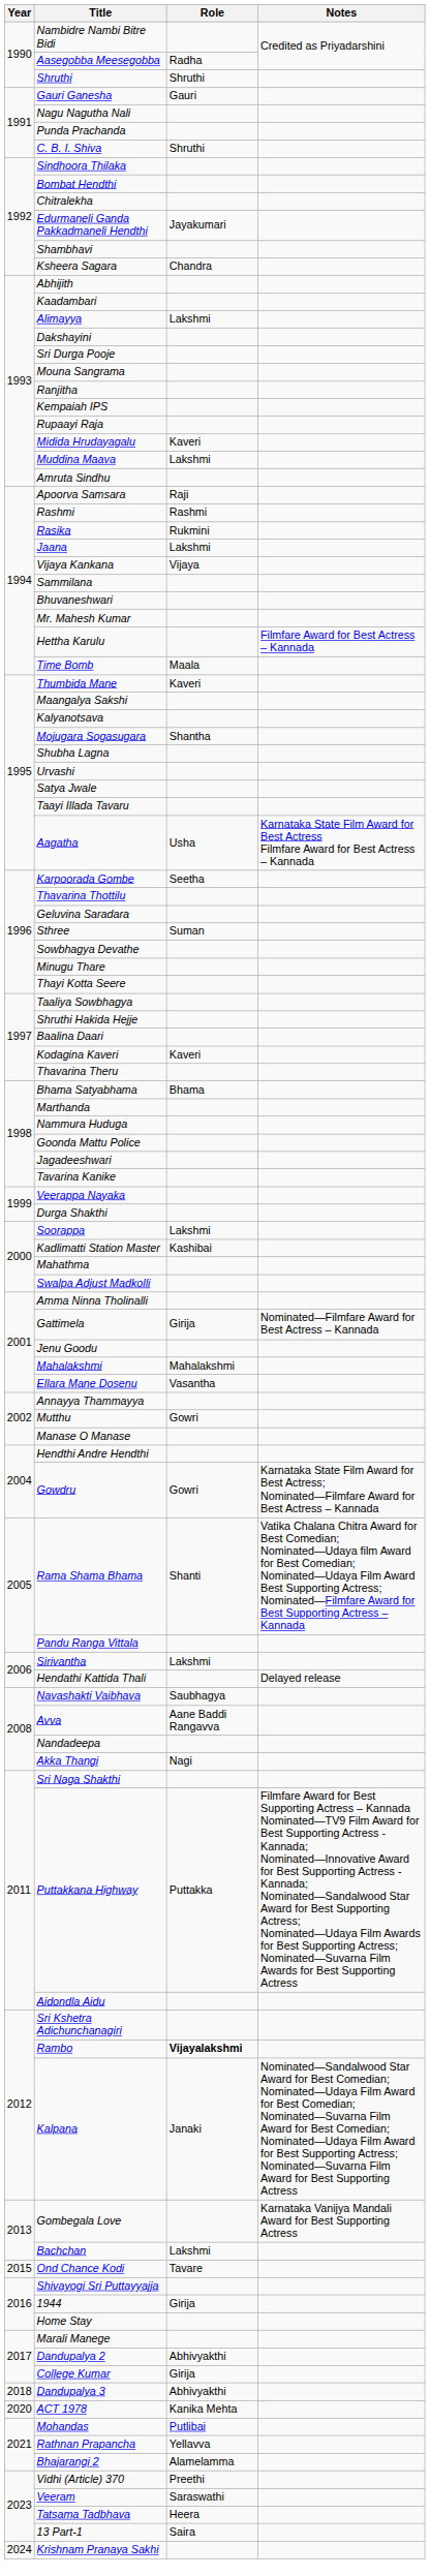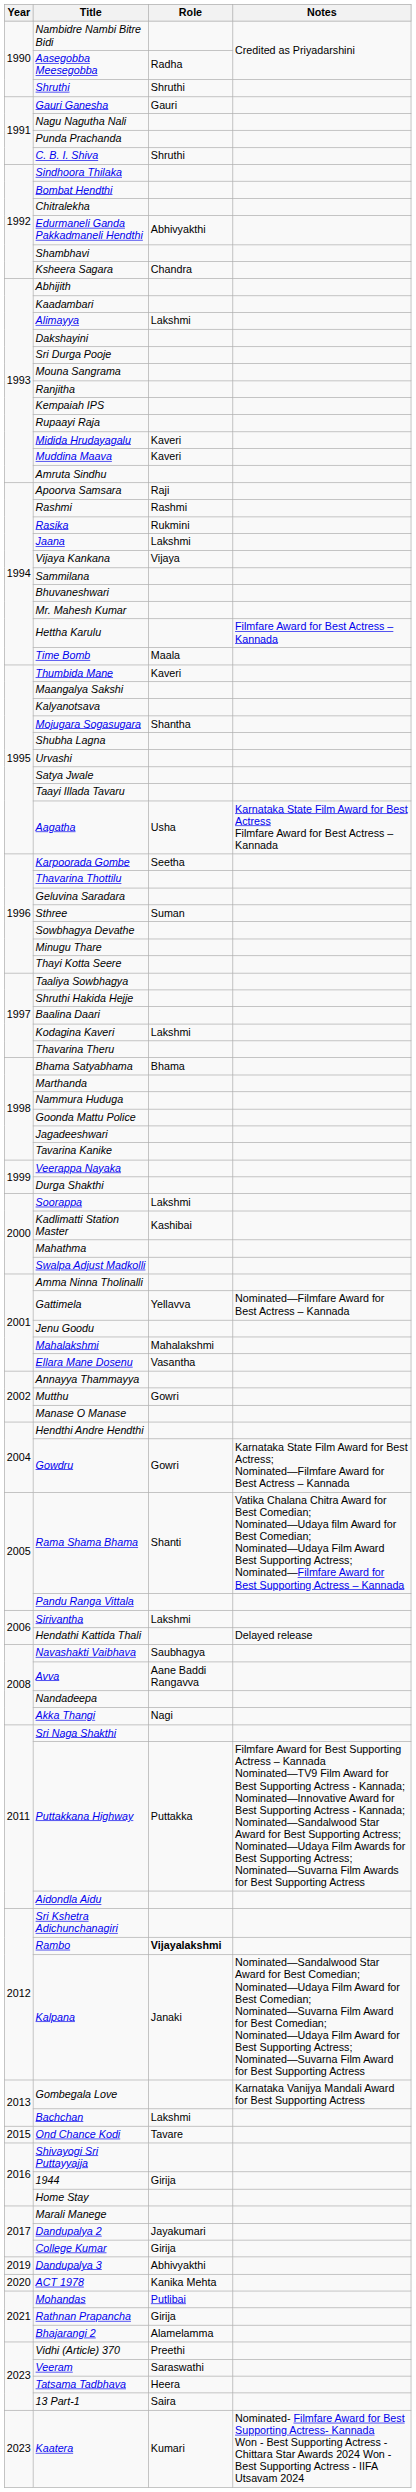 <table class="wikitable sortable">
 <tr style="background:#ccc; text-align:center;">
 <th>Year</th>
 <th>Title</th>
 <th>Role</th>
 <th>Notes</th>
 </tr>
 <tr>
 <td rowspan="3">1990</td>
 <td><em>Nambidre Nambi Bitre Bidi</em></td>
 <td></td>
 <td rowspan="2">Credited as Priyadarshini</td>
 </tr>
 <tr>
 <td><em><a href='#'>Aasegobba Meesegobba</a></em></td>
 <td>Radha</td>
 </tr>
 <tr>
 <td><em><a href='#'>Shruthi</a></em></td>
 <td>Shruthi</td>
 <td></td>
 </tr>
 <tr>
 <td rowspan="4">1991</td>
 <td><em><a href='#'>Gauri Ganesha</a></em></td>
 <td>Gauri</td>
 <td></td>
 </tr>
 <tr>
 <td><em>Nagu Nagutha Nali</em></td>
 <td></td>
 <td></td>
 </tr>
 <tr>
 <td><em>Punda Prachanda</em></td>
 <td></td>
 <td></td>
 </tr>
 <tr>
 <td><em><a href='#'>C. B. I. Shiva</a></em></td>
 <td>Shruthi</td>
 <td></td>
 </tr>
 <tr>
 <td rowspan="6">1992</td>
 <td><em><a href='#'>Sindhoora Thilaka</a></em></td>
 <td></td>
 <td></td>
 </tr>
 <tr>
 <td><em><a href='#'>Bombat Hendthi</a></em></td>
 <td></td>
 <td></td>
 </tr>
 <tr>
 <td><em>Chitralekha</em></td>
 <td></td>
 <td></td>
 </tr>
 <tr>
 <td><em><a href='#'>Edurmaneli Ganda Pakkadmaneli Hendthi</a></em></td>
-<td>Jayakumari</td>
+<td>Abhivyakthi</td>
 <td></td>
 </tr>
 <tr>
 <td><em>Shambhavi</em></td>
 <td></td>
 <td></td>
 </tr>
 <tr>
 <td><em>Ksheera Sagara</em></td>
 <td>Chandra</td>
 <td></td>
 </tr>
 <tr>
 <td rowspan="12">1993</td>
 <td><em>Abhijith</em></td>
 <td></td>
 <td></td>
 </tr>
 <tr>
 <td><em>Kaadambari</em></td>
 <td></td>
 <td></td>
 </tr>
 <tr>
 <td><em><a href='#'>Alimayya</a></em></td>
 <td>Lakshmi</td>
 <td></td>
 </tr>
 <tr>
 <td><em>Dakshayini</em></td>
 <td></td>
 <td></td>
 </tr>
 <tr>
 <td><em>Sri Durga Pooje</em></td>
 <td></td>
 <td></td>
 </tr>
 <tr>
 <td><em>Mouna Sangrama</em></td>
 <td></td>
 <td></td>
 </tr>
 <tr>
 <td><em>Ranjitha</em></td>
 <td></td>
 <td></td>
 </tr>
 <tr>
 <td><em>Kempaiah IPS</em></td>
 <td></td>
 <td></td>
 </tr>
 <tr>
 <td><em>Rupaayi Raja</em></td>
 <td></td>
 <td></td>
 </tr>
 <tr>
 <td><em><a href='#'>Midida Hrudayagalu</a></em></td>
 <td>Kaveri</td>
 <td></td>
 </tr>
 <tr>
 <td><em><a href='#'>Muddina Maava</a></em></td>
-<td>Lakshmi</td>
+<td>Kaveri</td>
 <td></td>
 </tr>
 <tr>
 <td><em>Amruta Sindhu</em></td>
 <td></td>
 <td></td>
 </tr>
 <tr>
 <td rowspan="10">1994</td>
 <td><em>Apoorva Samsara</em></td>
 <td>Raji</td>
 <td></td>
 </tr>
 <tr>
 <td><em>Rashmi</em></td>
 <td>Rashmi</td>
 <td></td>
 </tr>
 <tr>
 <td><em><a href='#'>Rasika</a></em></td>
 <td>Rukmini</td>
 <td></td>
 </tr>
 <tr>
 <td><em><a href='#'>Jaana</a></em></td>
 <td>Lakshmi</td>
 <td></td>
 </tr>
 <tr>
 <td><em>Vijaya Kankana</em></td>
 <td>Vijaya</td>
 <td></td>
 </tr>
 <tr>
 <td><em>Sammilana</em></td>
 <td></td>
 <td></td>
 </tr>
 <tr>
 <td><em>Bhuvaneshwari</em></td>
 <td></td>
 <td></td>
 </tr>
 <tr>
 <td><em>Mr. Mahesh Kumar</em></td>
 <td></td>
 <td></td>
 </tr>
 <tr>
 <td><em>Hettha Karulu</em></td>
 <td></td>
 <td><a href='#'>Filmfare Award for Best Actress – Kannada</a></td>
 </tr>
 <tr>
 <td><em><a href='#'>Time Bomb</a></em></td>
 <td>Maala</td>
 <td></td>
 </tr>
 <tr>
 <td rowspan="9">1995</td>
 <td><em><a href='#'>Thumbida Mane</a></em></td>
 <td>Kaveri</td>
 <td></td>
 </tr>
 <tr>
 <td><em>Maangalya Sakshi</em></td>
 <td></td>
 <td></td>
 </tr>
 <tr>
 <td><em>Kalyanotsava</em></td>
 <td></td>
 <td></td>
 </tr>
 <tr>
 <td><em><a href='#'>Mojugara Sogasugara</a></em></td>
 <td>Shantha</td>
 <td></td>
 </tr>
 <tr>
 <td><em>Shubha Lagna</em></td>
 <td></td>
 <td></td>
 </tr>
 <tr>
 <td><em>Urvashi</em></td>
 <td></td>
 <td></td>
 </tr>
 <tr>
 <td><em>Satya Jwale</em></td>
 <td></td>
 <td></td>
 </tr>
 <tr>
 <td><em>Taayi Illada Tavaru</em></td>
 <td></td>
 <td></td>
 </tr>
 <tr>
 <td><em><a href='#'>Aagatha</a></em></td>
 <td>Usha</td>
 <td><a href='#'>Karnataka State Film Award for Best Actress</a><br>Filmfare Award for Best Actress – Kannada</td>
 </tr>
 <tr>
 <td rowspan="7">1996</td>
 <td><em><a href='#'>Karpoorada Gombe</a></em></td>
 <td>Seetha</td>
 <td></td>
 </tr>
 <tr>
 <td><em><a href='#'>Thavarina Thottilu</a></em></td>
 <td></td>
 <td></td>
 </tr>
 <tr>
 <td><em>Geluvina Saradara</em></td>
 <td></td>
 <td></td>
 </tr>
 <tr>
 <td><em>Sthree</em></td>
 <td>Suman</td>
 <td></td>
 </tr>
 <tr>
 <td><em>Sowbhagya Devathe</em></td>
 <td></td>
 <td></td>
 </tr>
 <tr>
 <td><em>Minugu Thare</em></td>
 <td></td>
 <td></td>
 </tr>
 <tr>
 <td><em>Thayi Kotta Seere</em></td>
 <td></td>
 <td></td>
 </tr>
 <tr>
 <td rowspan="5">1997</td>
 <td><em>Taaliya Sowbhagya</em></td>
 <td></td>
 <td></td>
 </tr>
 <tr>
 <td><em>Shruthi Hakida Hejje</em></td>
 <td></td>
 <td></td>
 </tr>
 <tr>
 <td><em>Baalina Daari</em></td>
 <td></td>
 <td></td>
 </tr>
 <tr>
 <td><em>Kodagina Kaveri</em></td>
-<td>Kaveri</td>
+<td>Lakshmi</td>
 <td></td>
 </tr>
 <tr>
 <td><em>Thavarina Theru</em></td>
 <td></td>
 <td></td>
 </tr>
 <tr>
 <td rowspan="6">1998</td>
 <td><em>Bhama Satyabhama</em></td>
 <td>Bhama</td>
 <td></td>
 </tr>
 <tr>
 <td><em>Marthanda</em></td>
 <td></td>
 <td></td>
 </tr>
 <tr>
 <td><em>Nammura Huduga</em></td>
 <td></td>
 <td></td>
 </tr>
 <tr>
 <td><em>Goonda Mattu Police</em></td>
 <td></td>
 <td></td>
 </tr>
 <tr>
 <td><em>Jagadeeshwari</em></td>
 <td></td>
 <td></td>
 </tr>
 <tr>
 <td><em>Tavarina Kanike</em></td>
 <td></td>
 <td></td>
 </tr>
 <tr>
 <td rowspan="2">1999</td>
 <td><em><a href='#'>Veerappa Nayaka</a></em></td>
 <td></td>
 <td></td>
 </tr>
 <tr>
 <td><em>Durga Shakthi</em></td>
 <td></td>
 <td></td>
 </tr>
 <tr>
 <td rowspan="4">2000</td>
 <td><em><a href='#'>Soorappa</a></em></td>
 <td>Lakshmi</td>
 <td></td>
 </tr>
 <tr>
 <td><em>Kadlimatti Station Master</em></td>
 <td>Kashibai</td>
 <td></td>
 </tr>
 <tr>
 <td><em>Mahathma</em></td>
 <td></td>
 <td></td>
 </tr>
 <tr>
 <td><em><a href='#'>Swalpa Adjust Madkolli</a></em></td>
 <td></td>
 <td></td>
 </tr>
 <tr>
 <td rowspan="5">2001</td>
 <td><em>Amma Ninna Tholinalli</em></td>
 <td></td>
 <td></td>
 </tr>
 <tr>
 <td><em>Gattimela</em></td>
-<td>Girija</td>
+<td>Yellavva</td>
 <td>Nominated—Filmfare Award for Best Actress – Kannada</td>
 </tr>
 <tr>
 <td><em>Jenu Goodu</em></td>
 <td></td>
 <td></td>
 </tr>
 <tr>
 <td><em><a href='#'>Mahalakshmi</a></em></td>
 <td>Mahalakshmi</td>
 <td></td>
 </tr>
 <tr>
 <td><em><a href='#'>Ellara Mane Dosenu</a></em></td>
 <td>Vasantha</td>
 <td></td>
 </tr>
 <tr>
 <td rowspan="3">2002</td>
 <td><em>Annayya Thammayya</em></td>
 <td></td>
 <td></td>
 </tr>
 <tr>
 <td><em>Mutthu</em></td>
 <td>Gowri</td>
 <td></td>
 </tr>
 <tr>
 <td><em>Manase O Manase</em></td>
 <td></td>
 <td></td>
 </tr>
 <tr>
 <td rowspan="2">2004</td>
 <td><em>Hendthi Andre Hendthi</em></td>
 <td></td>
 <td></td>
 </tr>
 <tr>
 <td><em><a href='#'>Gowdru</a></em></td>
 <td>Gowri</td>
 <td>Karnataka State Film Award for Best Actress;<br>Nominated—Filmfare Award for Best Actress – Kannada</td>
 </tr>
 <tr>
 <td rowspan="2">2005</td>
 <td><em><a href='#'>Rama Shama Bhama</a></em></td>
 <td>Shanti</td>
 <td>Vatika Chalana Chitra Award for Best Comedian;<br>Nominated—Udaya film Award for Best Comedian;<br>Nominated—Udaya Film Award Best Supporting Actress;<br>Nominated—<a href='#'>Filmfare Award for Best Supporting Actress – Kannada</a></td>
 </tr>
 <tr>
 <td><em><a href='#'>Pandu Ranga Vittala</a></em></td>
 <td></td>
 <td></td>
 </tr>
 <tr>
 <td rowspan="2">2006</td>
 <td><em><a href='#'>Sirivantha</a></em></td>
 <td>Lakshmi</td>
 <td></td>
 </tr>
 <tr>
 <td><em>Hendathi Kattida Thali</em></td>
 <td></td>
 <td>Delayed release</td>
 </tr>
 <tr>
 <td rowspan="4">2008</td>
 <td><em><a href='#'>Navashakti Vaibhava</a></em></td>
 <td>Saubhagya</td>
 <td></td>
 </tr>
 <tr>
 <td><em><a href='#'>Avva</a></em></td>
 <td>Aane Baddi Rangavva</td>
 <td></td>
 </tr>
 <tr>
 <td><em>Nandadeepa</em></td>
 <td></td>
 <td></td>
 </tr>
 <tr>
 <td><em><a href='#'>Akka Thangi</a></em></td>
 <td>Nagi</td>
 <td></td>
 </tr>
 <tr>
 <td rowspan="3">2011</td>
 <td><em><a href='#'>Sri Naga Shakthi</a></em></td>
 <td></td>
 <td></td>
 </tr>
 <tr>
 <td><em><a href='#'>Puttakkana Highway</a></em></td>
 <td>Puttakka</td>
 <td>Filmfare Award for Best Supporting Actress – Kannada<br>Nominated—TV9 Film Award for Best Supporting Actress - Kannada;<br>Nominated—Innovative Award for Best Supporting Actress - Kannada;<br>Nominated—Sandalwood Star Award for Best Supporting Actress;<br>Nominated—Udaya Film Awards for Best Supporting Actress;<br>Nominated—Suvarna Film Awards for Best Supporting Actress</td>
 </tr>
 <tr>
 <td><em><a href='#'>Aidondla Aidu</a></em></td>
 <td></td>
 <td></td>
 </tr>
 <tr>
 <td rowspan="3">2012</td>
 <td><em><a href='#'>Sri Kshetra Adichunchanagiri</a></em></td>
 <td></td>
 <td></td>
 </tr>
 <tr>
 <td><em><a href='#'>Rambo</a></em></td>
 <td><strong>Vijayalakshmi</strong></td>
 <td></td>
 </tr>
 <tr>
 <td><em><a href='#'>Kalpana</a></em></td>
 <td>Janaki</td>
 <td>Nominated—Sandalwood Star Award for Best Comedian;<br>Nominated—Udaya Film Award for Best Comedian;<br>Nominated—Suvarna Film Award for Best Comedian;<br>Nominated—Udaya Film Award for Best Supporting Actress;<br>Nominated—Suvarna Film Award for Best Supporting Actress</td>
 </tr>
 <tr>
 <td rowspan="2">2013</td>
 <td><em>Gombegala Love</em></td>
 <td></td>
 <td>Karnataka Vanijya Mandali Award for Best Supporting Actress</td>
 </tr>
 <tr>
 <td><em><a href='#'>Bachchan</a></em></td>
 <td>Lakshmi</td>
 <td></td>
 </tr>
 <tr>
 <td>2015</td>
 <td><em><a href='#'>Ond Chance Kodi</a></em></td>
 <td>Tavare</td>
 <td></td>
 </tr>
 <tr>
 <td rowspan="3">2016</td>
 <td><em><a href='#'>Shivayogi Sri Puttayyajja</a></em></td>
 <td></td>
 <td></td>
 </tr>
 <tr>
 <td><em>1944</em></td>
 <td>Girija</td>
 <td></td>
 </tr>
 <tr>
 <td><em>Home Stay</em></td>
 <td></td>
 <td></td>
 </tr>
 <tr>
 <td rowspan="3">2017</td>
 <td><em>Marali Manege</em></td>
 <td></td>
 <td></td>
 </tr>
 <tr>
 <td><em><a href='#'>Dandupalya 2</a></em></td>
-<td>Abhivyakthi</td>
+<td>Jayakumari</td>
 <td></td>
 </tr>
 <tr>
 <td><em><a href='#'>College Kumar</a></em></td>
 <td>Girija</td>
 <td></td>
 </tr>
 <tr>
-<td>2018</td>
+<td>2019</td>
 <td><em><a href='#'>Dandupalya 3</a></em></td>
 <td>Abhivyakthi</td>
 <td></td>
 </tr>
 <tr>
 <td>2020</td>
 <td><em><a href='#'>ACT 1978</a></em></td>
 <td>Kanika Mehta</td>
 <td></td>
 </tr>
 <tr>
 <td rowspan="3">2021</td>
 <td><em><a href='#'>Mohandas</a></em></td>
 <td><a href='#'>Putlibai</a></td>
 <td></td>
 </tr>
 <tr>
 <td><em><a href='#'>Rathnan Prapancha</a> </em></td>
-<td>Yellavva</td>
+<td>Girija</td>
 <td></td>
 </tr>
 <tr>
 <td><em><a href='#'>Bhajarangi 2</a></em></td>
 <td>Alamelamma</td>
 <td></td>
 </tr>
 <tr>
 <td rowspan="4">2023</td>
 <td><em>Vidhi (Article) 370</em></td>
 <td>Preethi</td>
 <td></td>
 </tr>
 <tr>
 <td><em><a href='#'>Veeram</a></em></td>
 <td>Saraswathi</td>
 <td></td>
 </tr>
 <tr>
 <td><em><a href='#'>Tatsama Tadbhava</a></em></td>
 <td>Heera</td>
 <td></td>
 </tr>
 <tr>
 <td><em>13 Part-1</em></td>
 <td>Saira</td>
 <td></td>
 </tr>
 <tr>
-<td>2024</td>
-<td><em><a href='#'>Krishnam Pranaya Sakhi</a></em></td>
-<td></td>
-<td></td>
+<td>2023</td>
+<td><em><a href='#'>Kaatera</a></em></td>
+<td>Kumari</td>
+<td>Nominated- <a href='#'>Filmfare Award for Best Supporting Actress- Kannada</a><br>Won - Best Supporting Actress - Chittara Star Awards 2024 Won - Best Supporting Actress - IIFA Utsavam 2024</td>
 </tr>
 </table>
